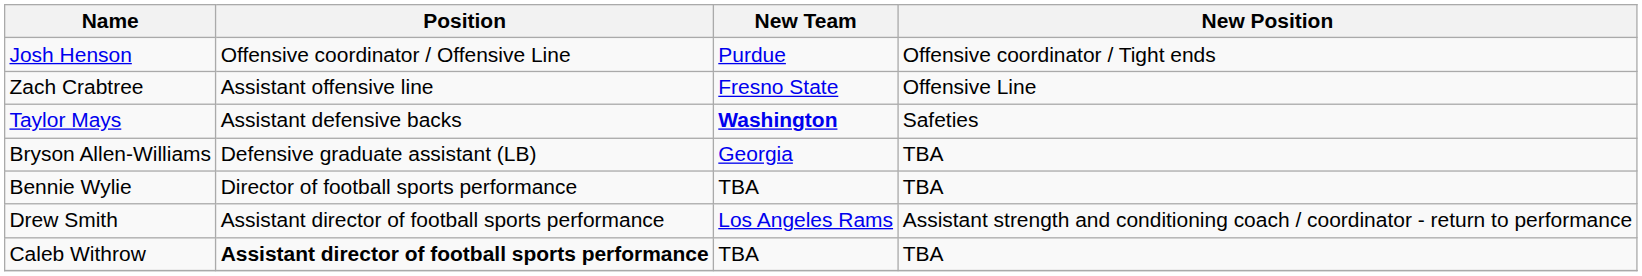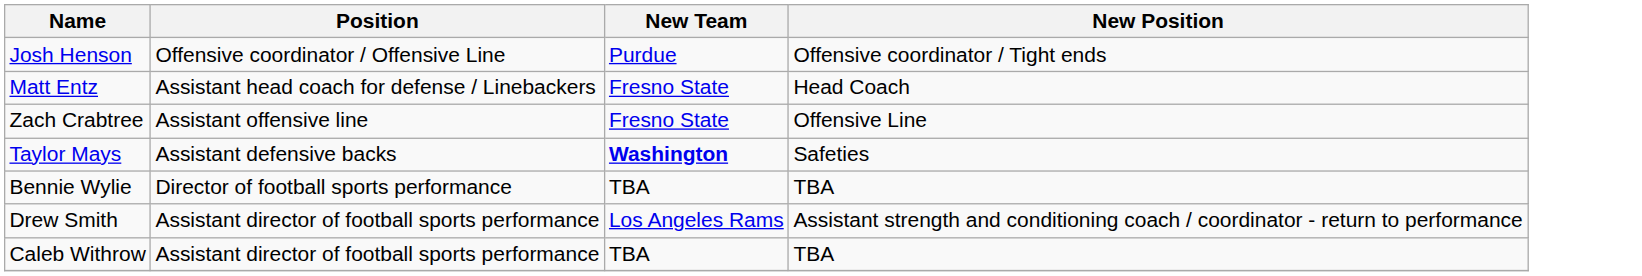 <table class="wikitable">
 <tr>
 <th style="text-align:center; ">Name</th>
 <th style="text-align:center; ">Position</th>
 <th style="text-align:center; ">New Team</th>
 <th style="text-align:center; ">New Position</th>
 </tr>
 <tr>
 <td><a href='#'>Josh Henson</a></td>
 <td>Offensive coordinator / Offensive Line</td>
 <td><a href='#'>Purdue</a></td>
 <td>Offensive coordinator / Tight ends</td>
 </tr>
 <tr>
+<td><a href='#'>Matt Entz</a></td>
+<td>Assistant head coach for defense / Linebackers</td>
+<td><a href='#'>Fresno State</a></td>
+<td>Head Coach</td>
+</tr>
+<tr>
 <td>Zach Crabtree</td>
 <td>Assistant offensive line</td>
 <td><a href='#'>Fresno State</a></td>
 <td>Offensive Line</td>
 </tr>
 <tr>
 <td><a href='#'>Taylor Mays</a></td>
 <td>Assistant defensive backs</td>
 <td><strong><a href='#'>Washington</a></strong></td>
 <td>Safeties</td>
-</tr>
-<tr>
-<td>Bryson Allen-Williams</td>
-<td>Defensive graduate assistant (LB)</td>
-<td><a href='#'>Georgia</a></td>
-<td>TBA</td>
 </tr>
 <tr>
 <td>Bennie Wylie</td>
 <td>Director of football sports performance</td>
 <td>TBA</td>
 <td>TBA</td>
 </tr>
 <tr>
 <td>Drew Smith</td>
 <td>Assistant director of football sports performance</td>
 <td><a href='#'>Los Angeles Rams</a></td>
 <td>Assistant strength and conditioning coach / coordinator - return to performance</td>
 </tr>
 <tr>
 <td>Caleb Withrow</td>
-<td><strong>Assistant director of football sports performance</strong></td>
+<td>Assistant director of football sports performance</td>
 <td>TBA</td>
 <td>TBA</td>
 </tr>
 <tr>
 </tr>
 </table>
